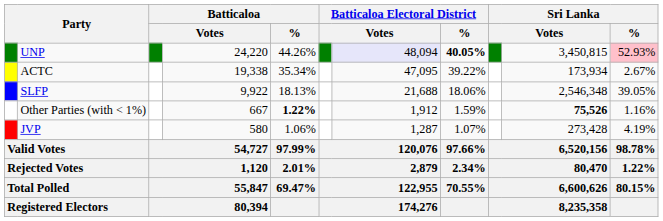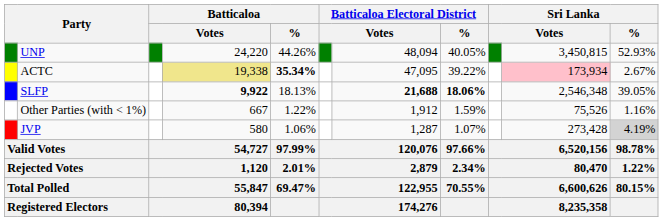 <table class="wikitable">
 <tr>
 <th colspan="2" width="144px"rowspan="2">Party</th>
 <th colspan="3" width="216px">Batticaloa</th>
 <th colspan="3" width="216px"><a href='#'>Batticaloa Electoral District</a></th>
 <th colspan="3" width="216px">Sri Lanka</th>
 </tr>
 <tr>
 <th colspan="2" width="144px">Votes</th>
 <th>%</th>
 <th colspan="2" width="144px">Votes</th>
 <th>%</th>
 <th colspan="2" width="144px">Votes</th>
 <th>%</th>
 </tr>
 <tr>
 <td style="background-color:green;" width="10px"></td>
 <td style="text-align:left;"><a href='#'>UNP</a></td>
 <td style="background-color:green;" width="10px"></td>
 <td style="text-align:right;">24,220</td>
 <td style="text-align:right;">44.26%</td>
 <td style="background-color:green;" width="10px"></td>
-<td style="background: lavender; text-align:right;">48,094</td>
-<td style="text-align:right;"><strong>40.05%</strong></td>
+<td style="text-align:right;">48,094</td>
+<td style="text-align:right;">40.05%</td>
 <td style="background-color:green;" width="10px"></td>
 <td style="text-align:right;">3,450,815</td>
-<td style="background: pink; text-align:right;">52.93%</td>
+<td style="text-align:right;">52.93%</td>
 </tr>
 <tr>
 <td style="background-color:yellow;" width="10px"></td>
 <td style="text-align:left;">ACTC</td>
 <td style="background-color:white;" width="10px"></td>
-<td style="text-align:right;">19,338</td>
-<td style="text-align:right;">35.34%</td>
+<td style="background: khaki; text-align:right;">19,338</td>
+<td style="text-align:right;"><strong>35.34%</strong></td>
 <td style="background-color:white;" width="10px"></td>
 <td style="text-align:right;">47,095</td>
 <td style="text-align:right;">39.22%</td>
 <td style="background-color:white;" width="10px"></td>
-<td style="text-align:right;">173,934</td>
+<td style="background: pink; text-align:right;">173,934</td>
 <td style="text-align:right;">2.67%</td>
 </tr>
 <tr>
 <td style="background-color:blue;" width="10px"></td>
 <td style="text-align:left;"><a href='#'>SLFP</a></td>
 <td style="background-color:white;" width="10px"></td>
-<td style="text-align:right;">9,922</td>
+<td style="text-align:right;"><strong>9,922</strong></td>
 <td style="text-align:right;">18.13%</td>
 <td style="background-color:white;" width="10px"></td>
-<td style="text-align:right;">21,688</td>
-<td style="text-align:right;">18.06%</td>
+<td style="text-align:right;"><strong>21,688</strong></td>
+<td style="text-align:right;"><strong>18.06%</strong></td>
 <td style="background-color:white;" width="10px"></td>
 <td style="text-align:right;">2,546,348</td>
 <td style="text-align:right;">39.05%</td>
 </tr>
 <tr>
 <td style="background-color:white;" width="10px"></td>
 <td style="text-align:left;">Other Parties (with < 1%)</td>
 <td style="background-color:white;" width="10px"></td>
 <td style="text-align:right;">667</td>
-<td style="text-align:right;"><strong>1.22%</strong></td>
+<td style="text-align:right;">1.22%</td>
 <td style="background-color:white;" width="10px"></td>
 <td style="text-align:right;">1,912</td>
 <td style="text-align:right;">1.59%</td>
 <td style="background-color:white;" width="10px"></td>
-<td style="text-align:right;"><strong>75,526</strong></td>
+<td style="text-align:right;">75,526</td>
 <td style="text-align:right;">1.16%</td>
 </tr>
 <tr>
 <td style="background-color:red;" width="10px"></td>
 <td style="text-align:left;"><a href='#'>JVP</a></td>
 <td style="background-color:white;" width="10px"></td>
 <td style="text-align:right;">580</td>
 <td style="text-align:right;">1.06%</td>
 <td style="background-color:white;" width="10px"></td>
 <td style="text-align:right;">1,287</td>
 <td style="text-align:right;">1.07%</td>
 <td style="background-color:white;" width="10px"></td>
 <td style="text-align:right;">273,428</td>
-<td style="text-align:right;">4.19%</td>
+<td style="background: lightgrey; text-align:right;">4.19%</td>
 </tr>
 <tr>
 <th colspan="2" width="144px"style="text-align:left;">Valid Votes</th>
 <th style="text-align:right;"colspan="2" width="144px">54,727</th>
 <th style="text-align:right;">97.99%</th>
 <th style="text-align:right;"colspan="2" width="144px">120,076</th>
 <th style="text-align:right;">97.66%</th>
 <th style="text-align:right;"colspan="2" width="144px">6,520,156</th>
 <th style="text-align:right;">98.78%</th>
 </tr>
 <tr>
 <th colspan="2" width="144px"style="text-align:left;">Rejected Votes</th>
 <th style="text-align:right;"colspan="2" width="144px">1,120</th>
 <th style="text-align:right;">2.01%</th>
 <th style="text-align:right;"colspan="2" width="144px">2,879</th>
 <th style="text-align:right;">2.34%</th>
 <th style="text-align:right;"colspan="2" width="144px">80,470</th>
 <th style="text-align:right;">1.22%</th>
 </tr>
 <tr>
 <th colspan="2" width="144px"style="text-align:left;">Total Polled</th>
 <th style="text-align:right;"colspan="2" width="144px">55,847</th>
 <th style="text-align:right;">69.47%</th>
 <th style="text-align:right;"colspan="2" width="144px">122,955</th>
 <th style="text-align:right;">70.55%</th>
 <th style="text-align:right;"colspan="2" width="144px">6,600,626</th>
 <th style="text-align:right;">80.15%</th>
 </tr>
 <tr>
 <th colspan="2" width="144px"style="text-align:left;">Registered Electors</th>
 <th style="text-align:right;"colspan="2" width="144px">80,394</th>
 <th></th>
 <th style="text-align:right;"colspan="2" width="144px">174,276</th>
 <th></th>
 <th style="text-align:right;"colspan="2" width="144px">8,235,358</th>
 <th></th>
 </tr>
 </table>
